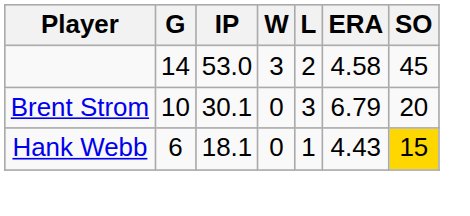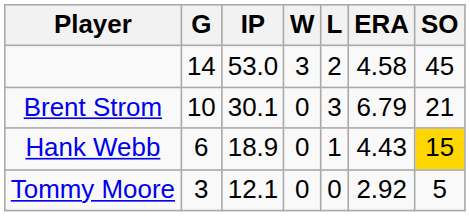 <table class="wikitable sortable">
 <tr>
 <th>Player</th>
 <th>G</th>
 <th>IP</th>
 <th>W</th>
 <th>L</th>
 <th>ERA</th>
 <th>SO</th>
 </tr>
 <tr align="center">
 <td></td>
 <td>14</td>
 <td>53.0</td>
 <td>3</td>
 <td>2</td>
 <td>4.58</td>
 <td>45</td>
 </tr>
 <tr align="center">
 <td><a href='#'>Brent Strom</a></td>
 <td>10</td>
 <td>30.1</td>
 <td>0</td>
 <td>3</td>
 <td>6.79</td>
-<td>20</td>
+<td>21</td>
 </tr>
 <tr align="center">
 <td><a href='#'>Hank Webb</a></td>
 <td>6</td>
-<td>18.1</td>
+<td>18.9</td>
 <td>0</td>
 <td>1</td>
 <td>4.43</td>
 <td style="background: gold;">15</td>
 </tr>
+<tr align="center">
+<td><a href='#'>Tommy Moore</a></td>
+<td>3</td>
+<td>12.1</td>
+<td>0</td>
+<td>0</td>
+<td>2.92</td>
+<td>5</td>
+</tr>
 </table>
